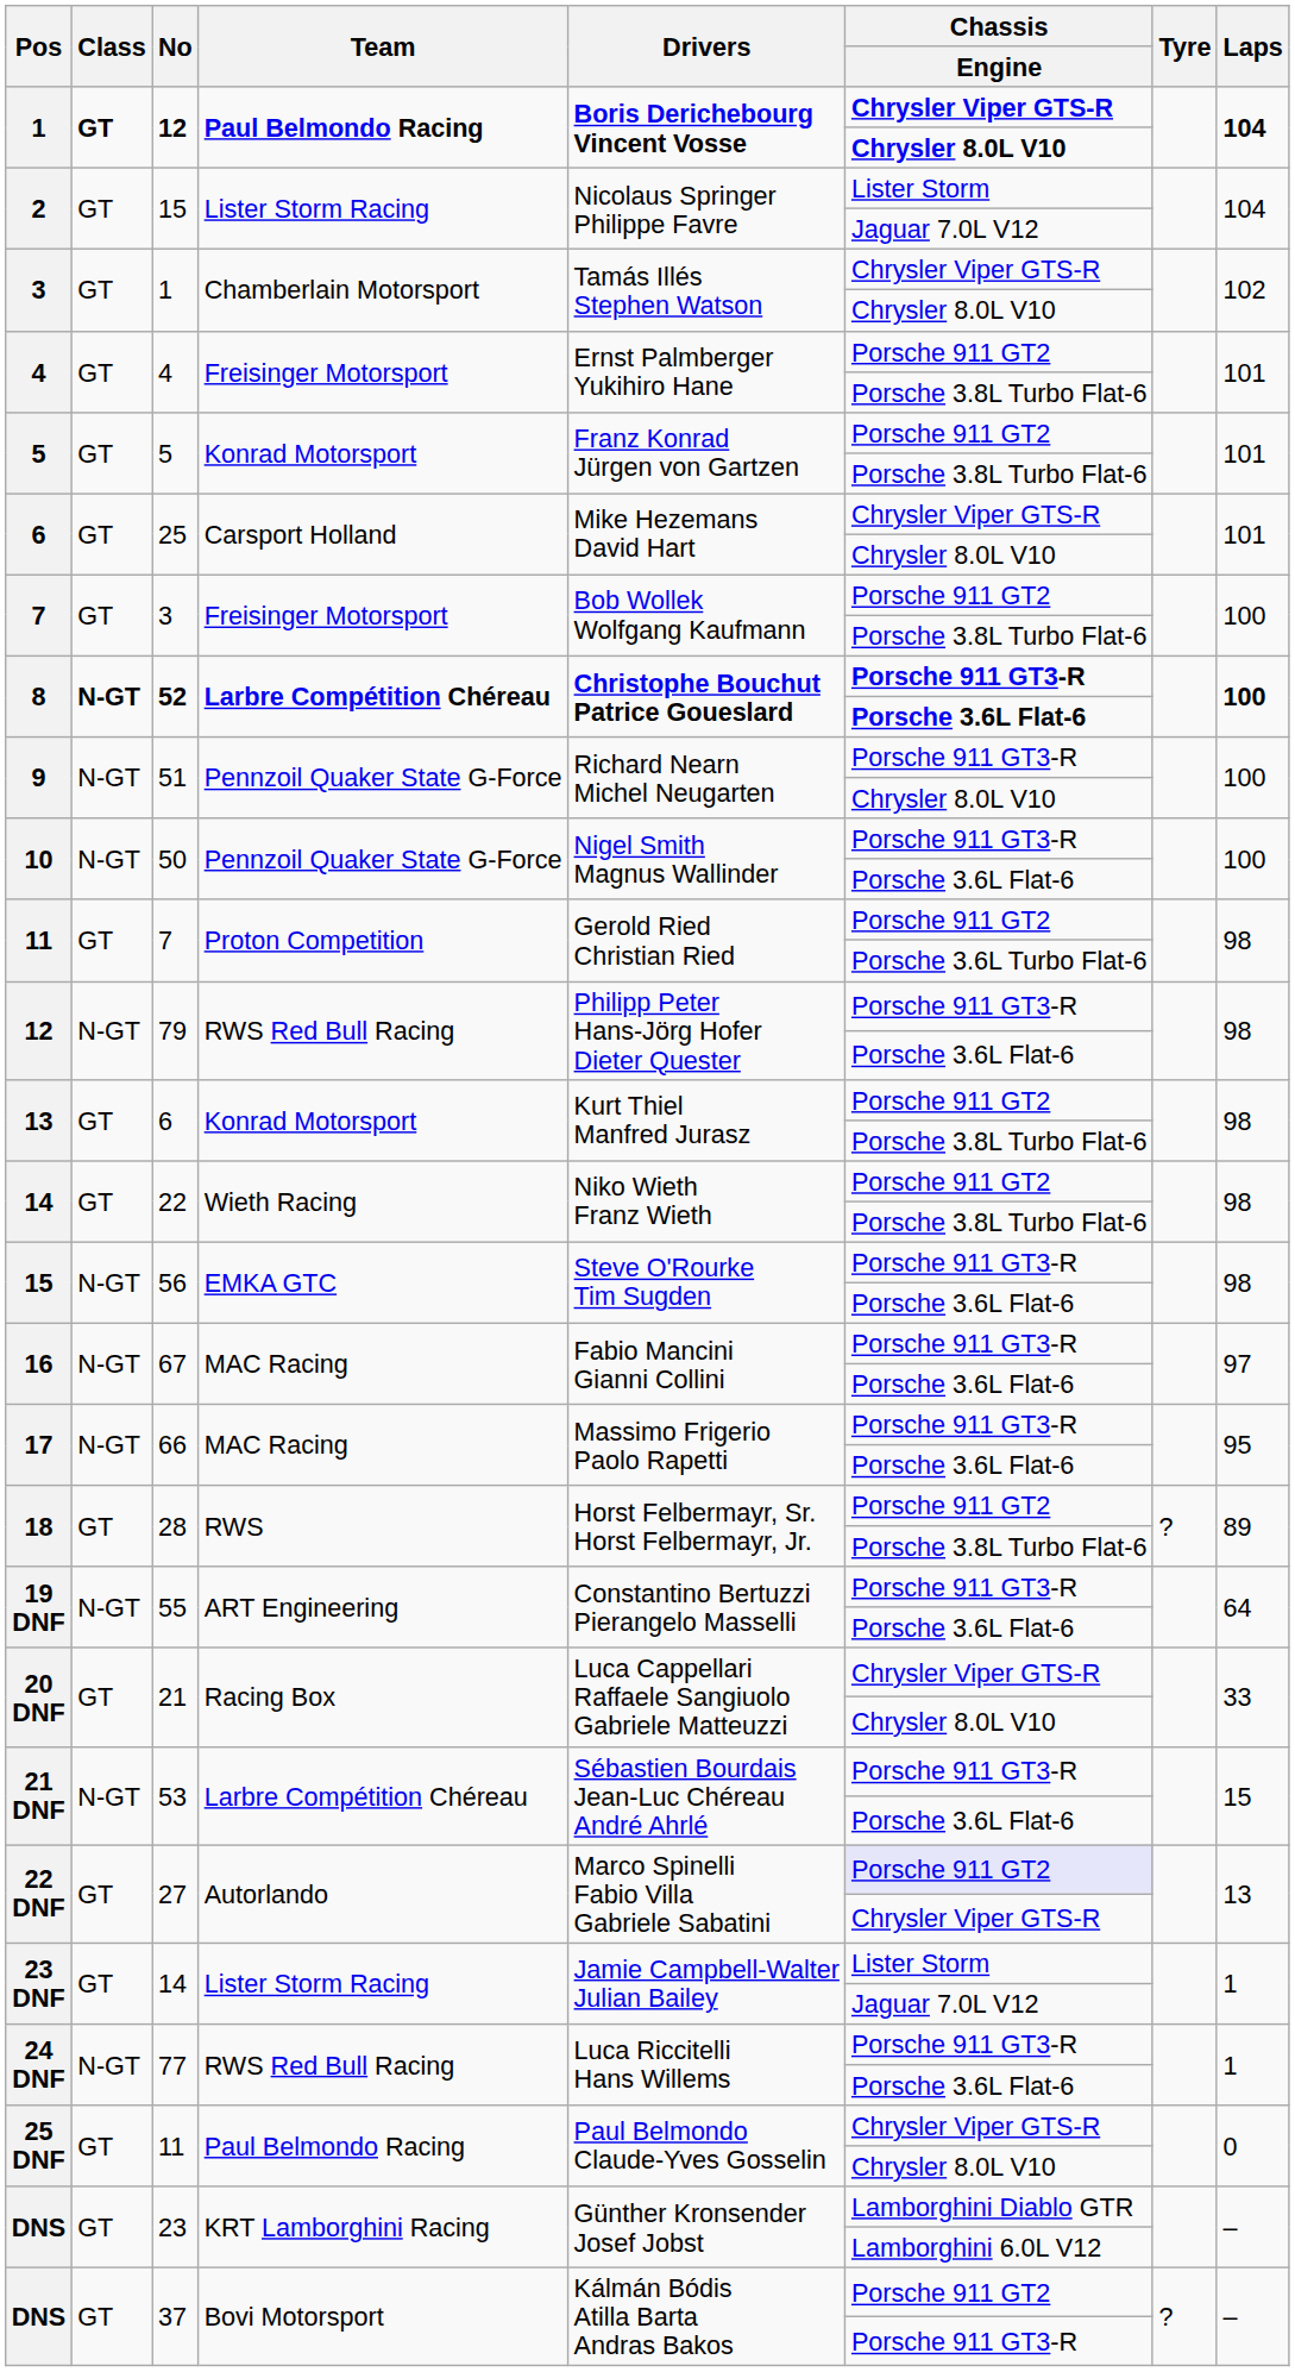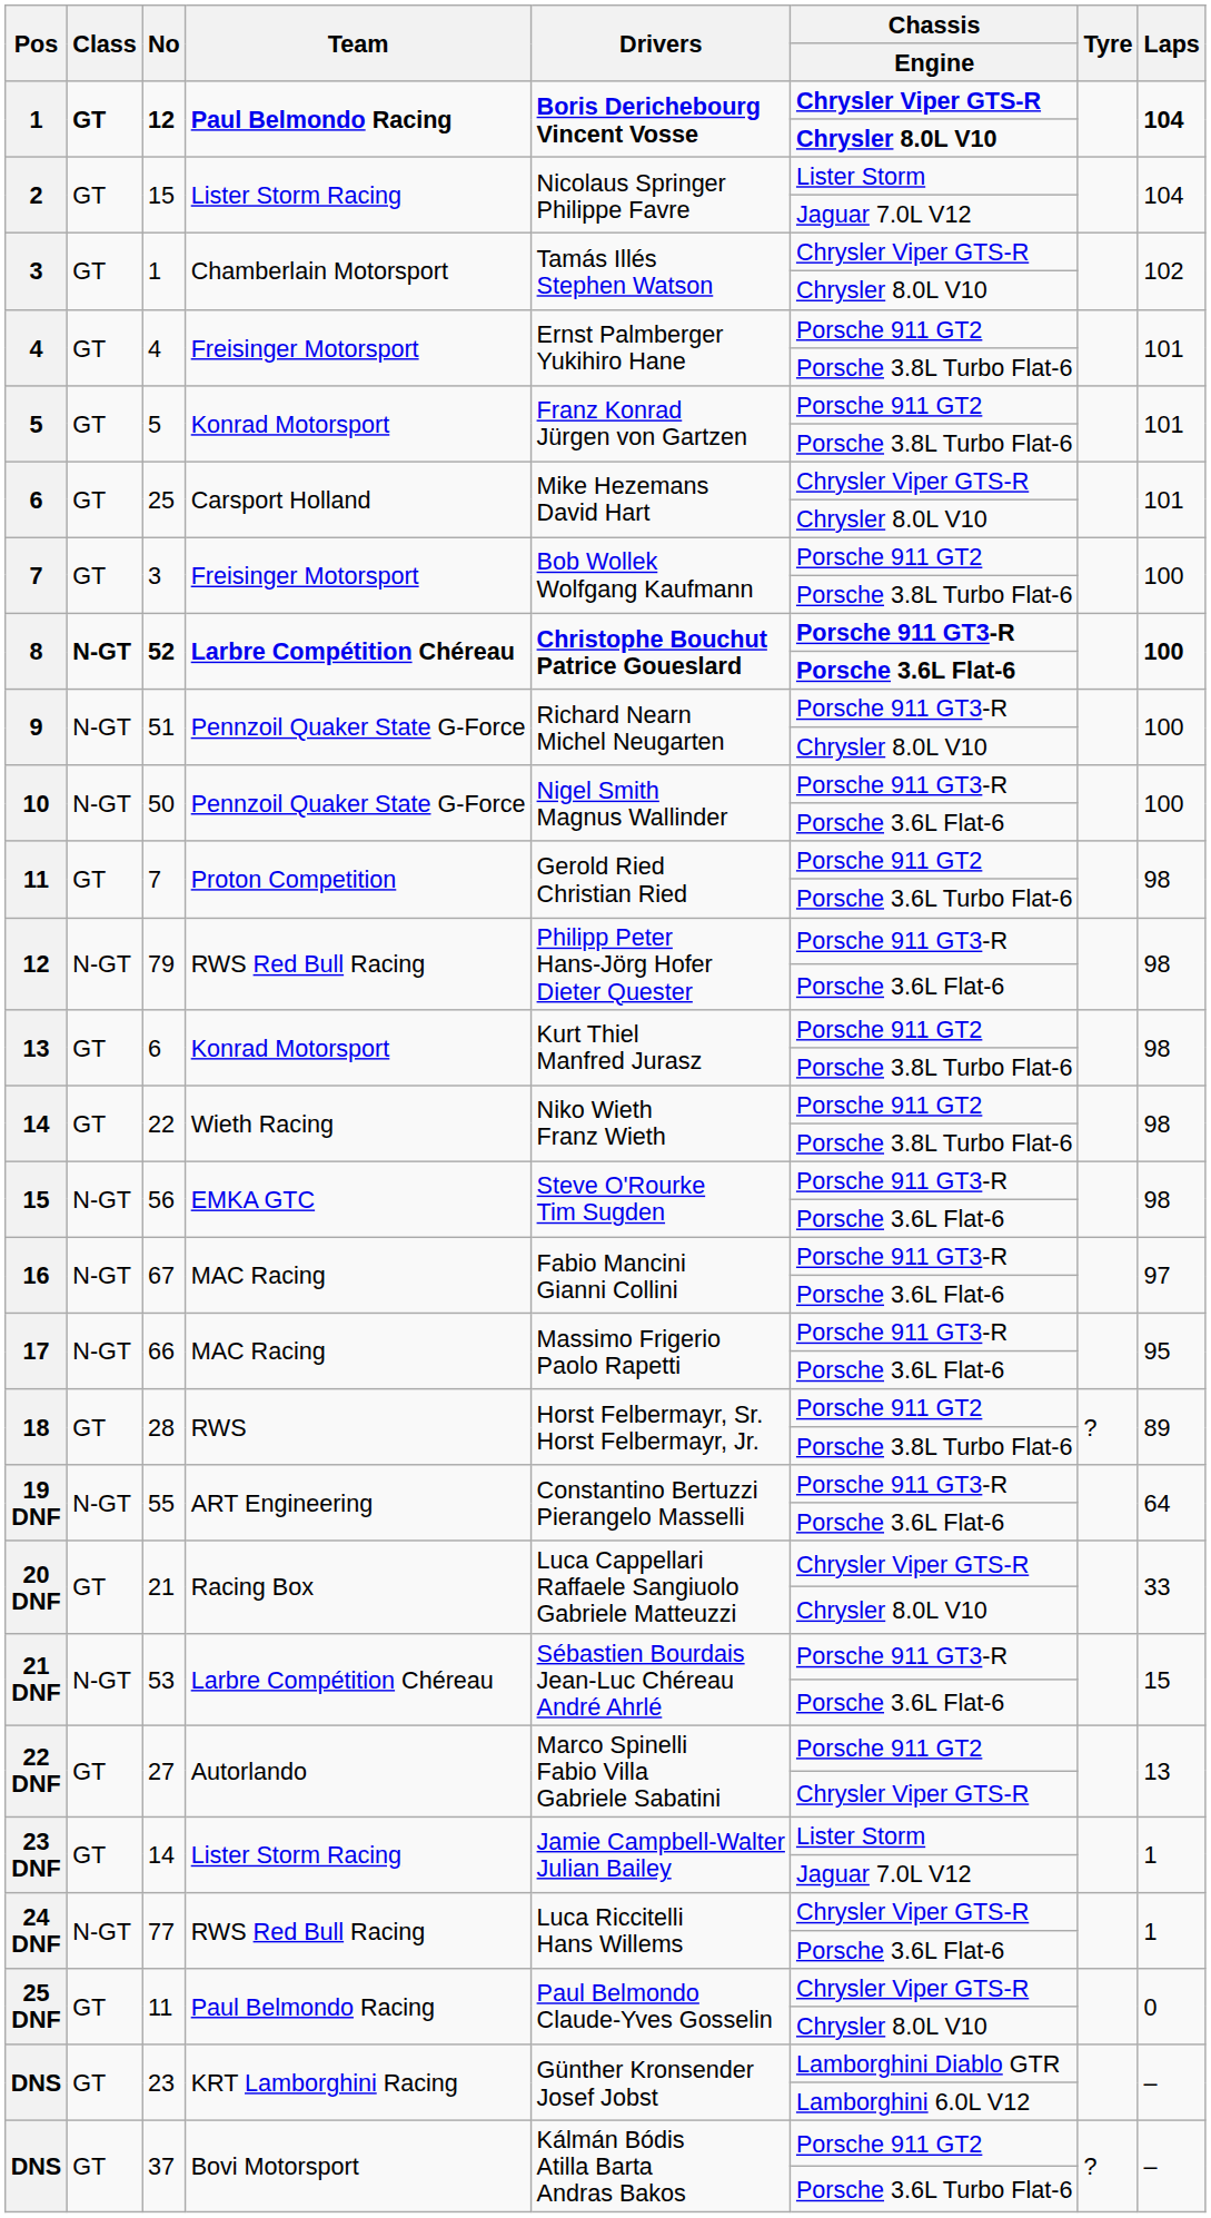 <table class="wikitable" style="font-size: 95%;">
 <tr>
 <th rowspan=2>Pos</th>
 <th rowspan=2>Class</th>
 <th rowspan=2>No</th>
 <th rowspan=2>Team</th>
 <th rowspan=2>Drivers</th>
 <th>Chassis</th>
 <th rowspan=2>Tyre</th>
 <th rowspan=2>Laps</th>
 </tr>
 <tr>
 <th>Engine</th>
 </tr>
 <tr style="font-weight:bold">
 <th rowspan=2>1</th>
 <td rowspan=2>GT</td>
 <td rowspan=2>12</td>
 <td rowspan=2> <a href='#'>Paul Belmondo</a> Racing</td>
 <td rowspan=2> <a href='#'>Boris Derichebourg</a><br> Vincent Vosse</td>
 <td><a href='#'>Chrysler Viper GTS-R</a></td>
 <td rowspan=2></td>
 <td rowspan=2>104</td>
 </tr>
 <tr style="font-weight:bold">
 <td><a href='#'>Chrysler</a> 8.0L V10</td>
 </tr>
 <tr>
 <th rowspan=2>2</th>
 <td rowspan=2>GT</td>
 <td rowspan=2>15</td>
 <td rowspan=2> <a href='#'>Lister Storm Racing</a></td>
 <td rowspan=2> Nicolaus Springer<br> Philippe Favre</td>
 <td><a href='#'>Lister Storm</a></td>
 <td rowspan=2></td>
 <td rowspan=2>104</td>
 </tr>
 <tr>
 <td><a href='#'>Jaguar</a> 7.0L V12</td>
 </tr>
 <tr>
 <th rowspan=2>3</th>
 <td rowspan=2>GT</td>
 <td rowspan=2>1</td>
 <td rowspan=2> Chamberlain Motorsport</td>
 <td rowspan=2> Tamás Illés<br> <a href='#'>Stephen Watson</a></td>
 <td><a href='#'>Chrysler Viper GTS-R</a></td>
 <td rowspan=2></td>
 <td rowspan=2>102</td>
 </tr>
 <tr>
 <td><a href='#'>Chrysler</a> 8.0L V10</td>
 </tr>
 <tr>
 <th rowspan=2>4</th>
 <td rowspan=2>GT</td>
 <td rowspan=2>4</td>
 <td rowspan=2> <a href='#'>Freisinger Motorsport</a></td>
 <td rowspan=2> Ernst Palmberger<br> Yukihiro Hane</td>
 <td><a href='#'>Porsche 911 GT2</a></td>
 <td rowspan=2></td>
 <td rowspan=2>101</td>
 </tr>
 <tr>
 <td><a href='#'>Porsche</a> 3.8L Turbo Flat-6</td>
 </tr>
 <tr>
 <th rowspan=2>5</th>
 <td rowspan=2>GT</td>
 <td rowspan=2>5</td>
 <td rowspan=2> <a href='#'>Konrad Motorsport</a></td>
 <td rowspan=2> <a href='#'>Franz Konrad</a><br> Jürgen von Gartzen</td>
 <td><a href='#'>Porsche 911 GT2</a></td>
 <td rowspan=2></td>
 <td rowspan=2>101</td>
 </tr>
 <tr>
 <td><a href='#'>Porsche</a> 3.8L Turbo Flat-6</td>
 </tr>
 <tr>
 <th rowspan=2>6</th>
 <td rowspan=2>GT</td>
 <td rowspan=2>25</td>
 <td rowspan=2> Carsport Holland</td>
 <td rowspan=2> Mike Hezemans<br> David Hart</td>
 <td><a href='#'>Chrysler Viper GTS-R</a></td>
 <td rowspan=2></td>
 <td rowspan=2>101</td>
 </tr>
 <tr>
 <td><a href='#'>Chrysler</a> 8.0L V10</td>
 </tr>
 <tr>
 <th rowspan=2>7</th>
 <td rowspan=2>GT</td>
 <td rowspan=2>3</td>
 <td rowspan=2> <a href='#'>Freisinger Motorsport</a></td>
 <td rowspan=2> <a href='#'>Bob Wollek</a><br> Wolfgang Kaufmann</td>
 <td><a href='#'>Porsche 911 GT2</a></td>
 <td rowspan=2></td>
 <td rowspan=2>100</td>
 </tr>
 <tr>
 <td><a href='#'>Porsche</a> 3.8L Turbo Flat-6</td>
 </tr>
 <tr style="font-weight:bold">
 <th rowspan=2>8</th>
 <td rowspan=2>N-GT</td>
 <td rowspan=2>52</td>
 <td rowspan=2> <a href='#'>Larbre Compétition</a> Chéreau</td>
 <td rowspan=2> <a href='#'>Christophe Bouchut</a><br> Patrice Goueslard</td>
 <td><a href='#'>Porsche 911 GT3</a>-R</td>
 <td rowspan=2></td>
 <td rowspan=2>100</td>
 </tr>
 <tr style="font-weight:bold">
 <td><a href='#'>Porsche</a> 3.6L Flat-6</td>
 </tr>
 <tr>
 <th rowspan=2>9</th>
 <td rowspan=2>N-GT</td>
 <td rowspan=2>51</td>
 <td rowspan=2> <a href='#'>Pennzoil Quaker State</a> G-Force</td>
 <td rowspan=2> Richard Nearn<br> Michel Neugarten</td>
 <td><a href='#'>Porsche 911 GT3</a>-R</td>
 <td rowspan=2></td>
 <td rowspan=2>100</td>
 </tr>
 <tr>
 <td><a href='#'>Chrysler</a> 8.0L V10</td>
 </tr>
 <tr>
 <th rowspan=2>10</th>
 <td rowspan=2>N-GT</td>
 <td rowspan=2>50</td>
 <td rowspan=2> <a href='#'>Pennzoil Quaker State</a> G-Force</td>
 <td rowspan=2> <a href='#'>Nigel Smith</a><br> Magnus Wallinder</td>
 <td><a href='#'>Porsche 911 GT3</a>-R</td>
 <td rowspan=2></td>
 <td rowspan=2>100</td>
 </tr>
 <tr>
 <td><a href='#'>Porsche</a> 3.6L Flat-6</td>
 </tr>
 <tr>
 <th rowspan=2>11</th>
 <td rowspan=2>GT</td>
 <td rowspan=2>7</td>
 <td rowspan=2> <a href='#'>Proton Competition</a></td>
 <td rowspan=2> Gerold Ried<br> Christian Ried</td>
 <td><a href='#'>Porsche 911 GT2</a></td>
 <td rowspan=2></td>
 <td rowspan=2>98</td>
 </tr>
 <tr>
 <td><a href='#'>Porsche</a> 3.6L Turbo Flat-6</td>
 </tr>
 <tr>
 <th rowspan=2>12</th>
 <td rowspan=2>N-GT</td>
 <td rowspan=2>79</td>
 <td rowspan=2> RWS <a href='#'>Red Bull</a> Racing</td>
 <td rowspan=2> <a href='#'>Philipp Peter</a><br> Hans-Jörg Hofer<br> <a href='#'>Dieter Quester</a></td>
 <td><a href='#'>Porsche 911 GT3</a>-R</td>
 <td rowspan=2></td>
 <td rowspan=2>98</td>
 </tr>
 <tr>
 <td><a href='#'>Porsche</a> 3.6L Flat-6</td>
 </tr>
 <tr>
 <th rowspan=2>13</th>
 <td rowspan=2>GT</td>
 <td rowspan=2>6</td>
 <td rowspan=2> <a href='#'>Konrad Motorsport</a></td>
 <td rowspan=2> Kurt Thiel<br> Manfred Jurasz</td>
 <td><a href='#'>Porsche 911 GT2</a></td>
 <td rowspan=2></td>
 <td rowspan=2>98</td>
 </tr>
 <tr>
 <td><a href='#'>Porsche</a> 3.8L Turbo Flat-6</td>
 </tr>
 <tr>
 <th rowspan=2>14</th>
 <td rowspan=2>GT</td>
 <td rowspan=2>22</td>
 <td rowspan=2> Wieth Racing</td>
 <td rowspan=2> Niko Wieth<br> Franz Wieth</td>
 <td><a href='#'>Porsche 911 GT2</a></td>
 <td rowspan=2></td>
 <td rowspan=2>98</td>
 </tr>
 <tr>
 <td><a href='#'>Porsche</a> 3.8L Turbo Flat-6</td>
 </tr>
 <tr>
 <th rowspan=2>15</th>
 <td rowspan=2>N-GT</td>
 <td rowspan=2>56</td>
 <td rowspan=2> <a href='#'>EMKA GTC</a></td>
 <td rowspan=2> <a href='#'>Steve O'Rourke</a><br> <a href='#'>Tim Sugden</a></td>
 <td><a href='#'>Porsche 911 GT3</a>-R</td>
 <td rowspan=2></td>
 <td rowspan=2>98</td>
 </tr>
 <tr>
 <td><a href='#'>Porsche</a> 3.6L Flat-6</td>
 </tr>
 <tr>
 <th rowspan=2>16</th>
 <td rowspan=2>N-GT</td>
 <td rowspan=2>67</td>
 <td rowspan=2> MAC Racing</td>
 <td rowspan=2> Fabio Mancini<br> Gianni Collini</td>
 <td><a href='#'>Porsche 911 GT3</a>-R</td>
 <td rowspan=2></td>
 <td rowspan=2>97</td>
 </tr>
 <tr>
 <td><a href='#'>Porsche</a> 3.6L Flat-6</td>
 </tr>
 <tr>
 <th rowspan=2>17</th>
 <td rowspan=2>N-GT</td>
 <td rowspan=2>66</td>
 <td rowspan=2> MAC Racing</td>
 <td rowspan=2> Massimo Frigerio<br> Paolo Rapetti</td>
 <td><a href='#'>Porsche 911 GT3</a>-R</td>
 <td rowspan=2></td>
 <td rowspan=2>95</td>
 </tr>
 <tr>
 <td><a href='#'>Porsche</a> 3.6L Flat-6</td>
 </tr>
 <tr>
 <th rowspan=2>18</th>
 <td rowspan=2>GT</td>
 <td rowspan=2>28</td>
 <td rowspan=2> RWS</td>
 <td rowspan=2> Horst Felbermayr, Sr.<br> Horst Felbermayr, Jr.</td>
 <td><a href='#'>Porsche 911 GT2</a></td>
 <td rowspan=2>?</td>
 <td rowspan=2>89</td>
 </tr>
 <tr>
 <td><a href='#'>Porsche</a> 3.8L Turbo Flat-6</td>
 </tr>
 <tr>
 <th rowspan=2>19<br>DNF</th>
 <td rowspan=2>N-GT</td>
 <td rowspan=2>55</td>
 <td rowspan=2> ART Engineering</td>
 <td rowspan=2> Constantino Bertuzzi<br> Pierangelo Masselli</td>
 <td><a href='#'>Porsche 911 GT3</a>-R</td>
 <td rowspan=2></td>
 <td rowspan=2>64</td>
 </tr>
 <tr>
 <td><a href='#'>Porsche</a> 3.6L Flat-6</td>
 </tr>
 <tr>
 <th rowspan=2>20<br>DNF</th>
 <td rowspan=2>GT</td>
 <td rowspan=2>21</td>
 <td rowspan=2> Racing Box</td>
 <td rowspan=2> Luca Cappellari<br> Raffaele Sangiuolo<br> Gabriele Matteuzzi</td>
 <td><a href='#'>Chrysler Viper GTS-R</a></td>
 <td rowspan=2></td>
 <td rowspan=2>33</td>
 </tr>
 <tr>
 <td><a href='#'>Chrysler</a> 8.0L V10</td>
 </tr>
 <tr>
 <th rowspan=2>21<br>DNF</th>
 <td rowspan=2>N-GT</td>
 <td rowspan=2>53</td>
 <td rowspan=2> <a href='#'>Larbre Compétition</a> Chéreau</td>
 <td rowspan=2> <a href='#'>Sébastien Bourdais</a><br> Jean-Luc Chéreau<br> <a href='#'>André Ahrlé</a></td>
 <td><a href='#'>Porsche 911 GT3</a>-R</td>
 <td rowspan=2></td>
 <td rowspan=2>15</td>
 </tr>
 <tr>
 <td><a href='#'>Porsche</a> 3.6L Flat-6</td>
 </tr>
 <tr>
 <th rowspan=2>22<br>DNF</th>
 <td rowspan=2>GT</td>
 <td rowspan=2>27</td>
 <td rowspan=2> Autorlando</td>
 <td rowspan=2> Marco Spinelli<br> Fabio Villa<br> Gabriele Sabatini</td>
-<td style="background: lavender;"><a href='#'>Porsche 911 GT2</a></td>
+<td><a href='#'>Porsche 911 GT2</a></td>
 <td rowspan=2></td>
 <td rowspan=2>13</td>
 </tr>
 <tr>
 <td><a href='#'>Chrysler Viper GTS-R</a></td>
 </tr>
 <tr>
 <th rowspan=2>23<br>DNF</th>
 <td rowspan=2>GT</td>
 <td rowspan=2>14</td>
 <td rowspan=2> <a href='#'>Lister Storm Racing</a></td>
 <td rowspan=2> <a href='#'>Jamie Campbell-Walter</a><br> <a href='#'>Julian Bailey</a></td>
 <td><a href='#'>Lister Storm</a></td>
 <td rowspan=2></td>
 <td rowspan=2>1</td>
 </tr>
 <tr>
 <td><a href='#'>Jaguar</a> 7.0L V12</td>
 </tr>
 <tr>
 <th rowspan=2>24<br>DNF</th>
 <td rowspan=2>N-GT</td>
 <td rowspan=2>77</td>
 <td rowspan=2> RWS <a href='#'>Red Bull</a> Racing</td>
 <td rowspan=2> Luca Riccitelli<br> Hans Willems</td>
-<td><a href='#'>Porsche 911 GT3</a>-R</td>
+<td><a href='#'>Chrysler Viper GTS-R</a></td>
 <td rowspan=2></td>
 <td rowspan=2>1</td>
 </tr>
 <tr>
 <td><a href='#'>Porsche</a> 3.6L Flat-6</td>
 </tr>
 <tr>
 <th rowspan=2>25<br>DNF</th>
 <td rowspan=2>GT</td>
 <td rowspan=2>11</td>
 <td rowspan=2> <a href='#'>Paul Belmondo</a> Racing</td>
 <td rowspan=2> <a href='#'>Paul Belmondo</a><br> Claude-Yves Gosselin</td>
 <td><a href='#'>Chrysler Viper GTS-R</a></td>
 <td rowspan=2></td>
 <td rowspan=2>0</td>
 </tr>
 <tr>
 <td><a href='#'>Chrysler</a> 8.0L V10</td>
 </tr>
 <tr>
 <th rowspan=2>DNS</th>
 <td rowspan=2>GT</td>
 <td rowspan=2>23</td>
 <td rowspan=2> KRT <a href='#'>Lamborghini</a> Racing</td>
 <td rowspan=2> Günther Kronsender<br> Josef Jobst</td>
 <td><a href='#'>Lamborghini Diablo</a> GTR</td>
 <td rowspan=2></td>
 <td rowspan=2>–</td>
 </tr>
 <tr>
 <td><a href='#'>Lamborghini</a> 6.0L V12</td>
 </tr>
 <tr>
 <th rowspan=2>DNS</th>
 <td rowspan=2>GT</td>
 <td rowspan=2>37</td>
 <td rowspan=2> Bovi Motorsport</td>
 <td rowspan=2> Kálmán Bódis<br> Atilla Barta<br> Andras Bakos</td>
 <td><a href='#'>Porsche 911 GT2</a></td>
 <td rowspan=2>?</td>
 <td rowspan=2>–</td>
 </tr>
 <tr>
-<td><a href='#'>Porsche 911 GT3</a>-R</td>
+<td><a href='#'>Porsche</a> 3.6L Turbo Flat-6</td>
 </tr>
 </table>
